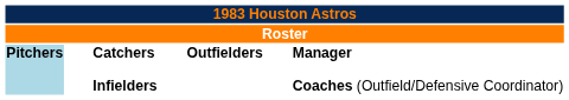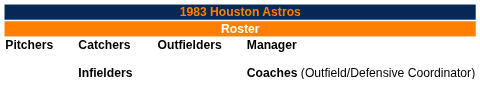 <table class="toccolours" style="text-align: left;">
 <tr>
 <th colspan="10" style="background-color: #072854; color: #FF7F00; text-align: center;">1983 Houston Astros</th>
 </tr>
 <tr>
 <td colspan="10" style="background-color: #FF7F00; color: white; text-align: center;"><strong>Roster</strong></td>
 </tr>
 <tr>
-<td valign="top" style="background: lightblue;"><strong>Pitchers</strong><br>            </td>
+<td valign="top"><strong>Pitchers</strong><br>            </td>
 <td width="25px"></td>
 <td valign="top"><strong>Catchers</strong><br>   <br><strong>Infielders</strong>         </td>
 <td width="25px"></td>
 <td valign="top"><strong>Outfielders</strong><br>      </td>
 <td width="25px"></td>
 <td valign="top"><strong>Manager</strong><br><br><strong>Coaches</strong>  (Outfield/Defensive Coordinator)    </td>
 </tr>
 </table>
